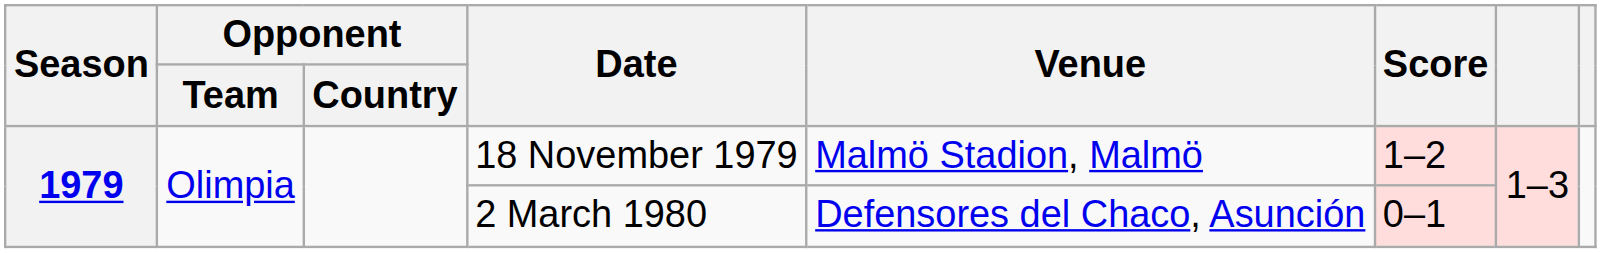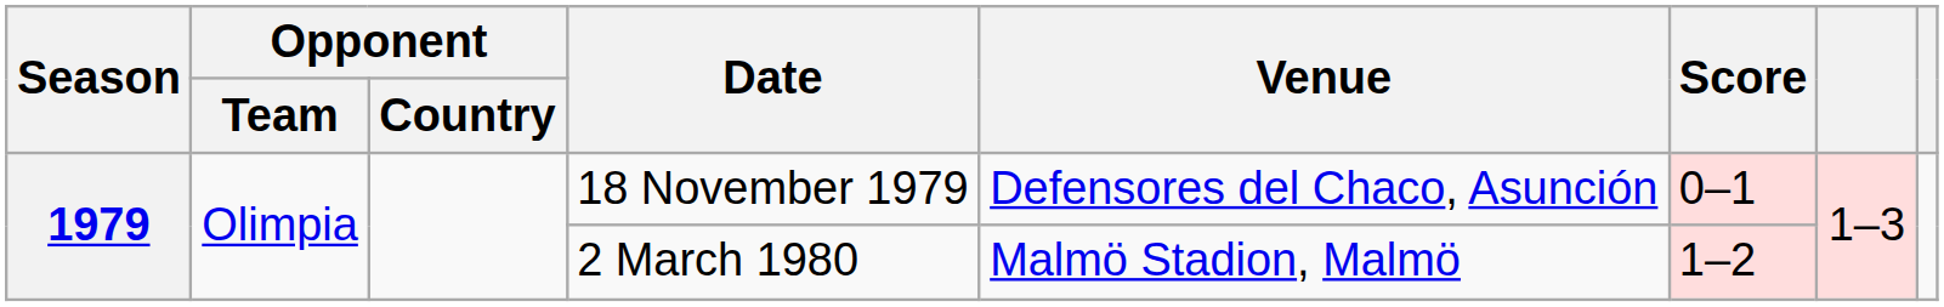 <table class="wikitable plainrowheaders">
 <tr>
 <th rowspan=2>Season</th>
 <th scope="col" colspan=2>Opponent</th>
 <th scope="col" rowspan=2>Date</th>
 <th scope="col" rowspan=2>Venue</th>
 <th scope="col" rowspan=2>Score</th>
 <th scope="col" rowspan=2></th>
 <th scope="col" rowspan=2></th>
 </tr>
 <tr>
 <th scope="col">Team</th>
 <th scope="col">Country</th>
 </tr>
 <tr>
 <th scope=row rowspan="2"><a href='#'>1979</a></th>
 <td rowspan="2"><a href='#'>Olimpia</a></td>
 <td rowspan="2"></td>
 <td>18 November 1979</td>
-<td><a href='#'>Malmö Stadion</a>, <a href='#'>Malmö</a></td>
-<td bgcolor="#ffdddd">1–2</td>
+<td><a href='#'>Defensores del Chaco</a>, <a href='#'>Asunción</a></td>
+<td bgcolor="#ffdddd">0–1</td>
 <td rowspan="2" bgcolor="#ffdddd">1–3</td>
 <td rowspan="2" align=center></td>
 </tr>
 <tr>
 <td>2 March 1980</td>
-<td><a href='#'>Defensores del Chaco</a>, <a href='#'>Asunción</a></td>
-<td bgcolor="#ffdddd">0–1</td>
+<td><a href='#'>Malmö Stadion</a>, <a href='#'>Malmö</a></td>
+<td bgcolor="#ffdddd">1–2</td>
 </tr>
 </table>
